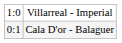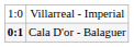 <table class="wikitable">
 <tr align=center bgcolor=white>
 <td>1:0</td>
 <td>Villarreal - Imperial</td>
 </tr>
 <tr align=center bgcolor=#F5F5F5>
-<td>0:1</td>
+<td><strong>0:1</strong></td>
 <td>Cala D'or - Balaguer</td>
 </tr>
 </table>
